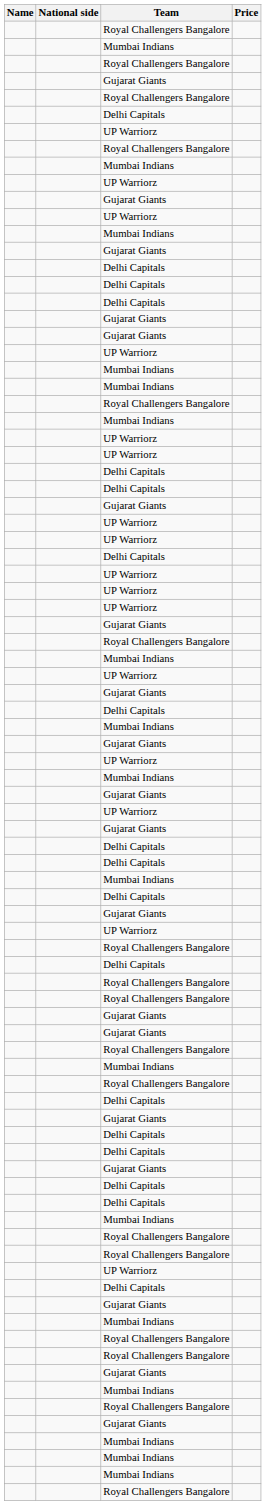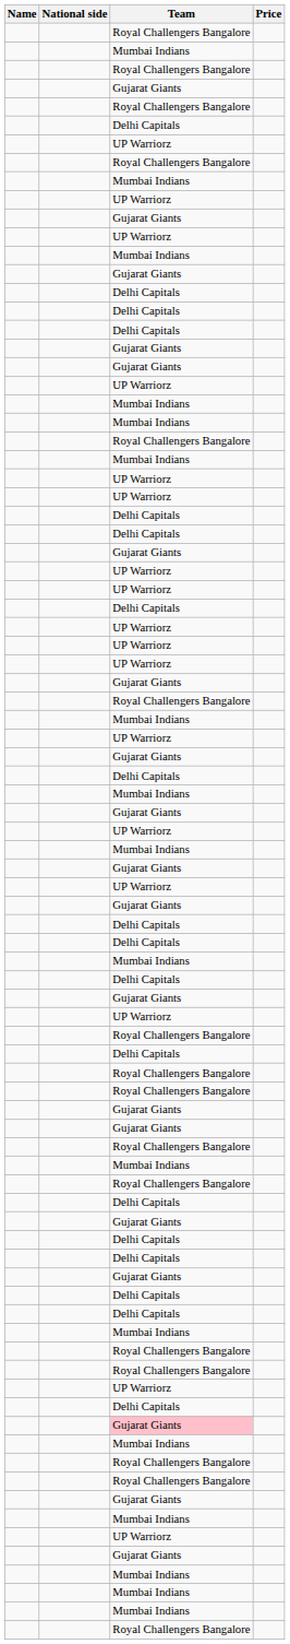 <table class="wikitable sortable">
 <tr>
 <th>Name</th>
 <th>National side</th>
 <th>Team</th>
 <th>Price</th>
 </tr>
 <tr>
 <td></td>
 <td></td>
 <td>Royal Challengers Bangalore</td>
 <td></td>
 </tr>
 <tr>
 <td></td>
 <td></td>
 <td>Mumbai Indians</td>
 <td></td>
 </tr>
 <tr>
 <td></td>
 <td></td>
 <td>Royal Challengers Bangalore</td>
 <td></td>
 </tr>
 <tr>
 <td></td>
 <td></td>
 <td>Gujarat Giants</td>
 <td></td>
 </tr>
 <tr>
 <td></td>
 <td></td>
 <td>Royal Challengers Bangalore</td>
 <td></td>
 </tr>
 <tr>
 <td></td>
 <td></td>
 <td>Delhi Capitals</td>
 <td></td>
 </tr>
 <tr>
 <td></td>
 <td></td>
 <td>UP Warriorz</td>
 <td></td>
 </tr>
 <tr>
 <td></td>
 <td></td>
 <td>Royal Challengers Bangalore</td>
 <td></td>
 </tr>
 <tr>
 <td></td>
 <td></td>
 <td>Mumbai Indians</td>
 <td></td>
 </tr>
 <tr>
 <td></td>
 <td></td>
 <td>UP Warriorz</td>
 <td></td>
 </tr>
 <tr>
 <td></td>
 <td></td>
 <td>Gujarat Giants</td>
 <td></td>
 </tr>
 <tr>
 <td></td>
 <td></td>
 <td>UP Warriorz</td>
 <td></td>
 </tr>
 <tr>
 <td></td>
 <td></td>
 <td>Mumbai Indians</td>
 <td></td>
 </tr>
 <tr>
 <td></td>
 <td></td>
 <td>Gujarat Giants</td>
 <td></td>
 </tr>
 <tr>
 <td></td>
 <td></td>
 <td>Delhi Capitals</td>
 <td></td>
 </tr>
 <tr>
 <td></td>
 <td></td>
 <td>Delhi Capitals</td>
 <td></td>
 </tr>
 <tr>
 <td></td>
 <td></td>
 <td>Delhi Capitals</td>
 <td></td>
 </tr>
 <tr>
 <td></td>
 <td></td>
 <td>Gujarat Giants</td>
 <td></td>
 </tr>
 <tr>
 <td></td>
 <td></td>
 <td>Gujarat Giants</td>
 <td></td>
 </tr>
 <tr>
 <td></td>
 <td></td>
 <td>UP Warriorz</td>
 <td></td>
 </tr>
 <tr>
 <td></td>
 <td></td>
 <td>Mumbai Indians</td>
 <td></td>
 </tr>
 <tr>
 <td></td>
 <td></td>
 <td>Mumbai Indians</td>
 <td></td>
 </tr>
 <tr>
 <td></td>
 <td></td>
 <td>Royal Challengers Bangalore</td>
 <td></td>
 </tr>
 <tr>
 <td></td>
 <td></td>
 <td>Mumbai Indians</td>
 <td></td>
 </tr>
 <tr>
 <td></td>
 <td></td>
 <td>UP Warriorz</td>
 <td></td>
 </tr>
 <tr>
 <td></td>
 <td></td>
 <td>UP Warriorz</td>
 <td></td>
 </tr>
 <tr>
 <td></td>
 <td></td>
 <td>Delhi Capitals</td>
 <td></td>
 </tr>
 <tr>
 <td></td>
 <td></td>
 <td>Delhi Capitals</td>
 <td></td>
 </tr>
 <tr>
 <td></td>
 <td></td>
 <td>Gujarat Giants</td>
 <td></td>
 </tr>
 <tr>
 <td></td>
 <td></td>
 <td>UP Warriorz</td>
 <td></td>
 </tr>
 <tr>
 <td></td>
 <td></td>
 <td>UP Warriorz</td>
 <td></td>
 </tr>
 <tr>
 <td></td>
 <td></td>
 <td>Delhi Capitals</td>
 <td></td>
 </tr>
 <tr>
 <td></td>
 <td></td>
 <td>UP Warriorz</td>
 <td></td>
 </tr>
 <tr>
 <td></td>
 <td></td>
 <td>UP Warriorz</td>
 <td></td>
 </tr>
 <tr>
 <td></td>
 <td></td>
 <td>UP Warriorz</td>
 <td></td>
 </tr>
 <tr>
 <td></td>
 <td></td>
 <td>Gujarat Giants</td>
 <td></td>
 </tr>
 <tr>
 <td></td>
 <td></td>
 <td>Royal Challengers Bangalore</td>
 <td></td>
 </tr>
 <tr>
 <td></td>
 <td></td>
 <td>Mumbai Indians</td>
 <td></td>
 </tr>
 <tr>
 <td></td>
 <td></td>
 <td>UP Warriorz</td>
 <td></td>
 </tr>
 <tr>
 <td></td>
 <td></td>
 <td>Gujarat Giants</td>
 <td></td>
 </tr>
 <tr>
 <td></td>
 <td></td>
 <td>Delhi Capitals</td>
 <td></td>
 </tr>
 <tr>
 <td></td>
 <td></td>
 <td>Mumbai Indians</td>
 <td></td>
 </tr>
 <tr>
 <td></td>
 <td></td>
 <td>Gujarat Giants</td>
 <td></td>
 </tr>
 <tr>
 <td></td>
 <td></td>
 <td>UP Warriorz</td>
 <td></td>
 </tr>
 <tr>
 <td></td>
 <td></td>
 <td>Mumbai Indians</td>
 <td></td>
 </tr>
 <tr>
 <td></td>
 <td></td>
 <td>Gujarat Giants</td>
 <td></td>
 </tr>
 <tr>
 <td></td>
 <td></td>
 <td>UP Warriorz</td>
 <td></td>
 </tr>
 <tr>
 <td></td>
 <td></td>
 <td>Gujarat Giants</td>
 <td></td>
 </tr>
 <tr>
 <td></td>
 <td></td>
 <td>Delhi Capitals</td>
 <td></td>
 </tr>
 <tr>
 <td></td>
 <td></td>
 <td>Delhi Capitals</td>
 <td></td>
 </tr>
 <tr>
 <td></td>
 <td></td>
 <td>Mumbai Indians</td>
 <td></td>
 </tr>
 <tr>
 <td></td>
 <td></td>
 <td>Delhi Capitals</td>
 <td></td>
 </tr>
 <tr>
 <td></td>
 <td></td>
 <td>Gujarat Giants</td>
 <td></td>
 </tr>
 <tr>
 <td></td>
 <td></td>
 <td>UP Warriorz</td>
 <td></td>
 </tr>
 <tr>
 <td></td>
 <td></td>
 <td>Royal Challengers Bangalore</td>
 <td></td>
 </tr>
 <tr>
 <td></td>
 <td></td>
 <td>Delhi Capitals</td>
 <td></td>
 </tr>
 <tr>
 <td></td>
 <td></td>
 <td>Royal Challengers Bangalore</td>
 <td></td>
 </tr>
 <tr>
 <td></td>
 <td></td>
 <td>Royal Challengers Bangalore</td>
 <td></td>
 </tr>
 <tr>
 <td></td>
 <td></td>
 <td>Gujarat Giants</td>
 <td></td>
 </tr>
 <tr>
 <td></td>
 <td></td>
 <td>Gujarat Giants</td>
 <td></td>
 </tr>
 <tr>
 <td></td>
 <td></td>
 <td>Royal Challengers Bangalore</td>
 <td></td>
 </tr>
 <tr>
 <td></td>
 <td></td>
 <td>Mumbai Indians</td>
 <td></td>
 </tr>
 <tr>
 <td></td>
 <td></td>
 <td>Royal Challengers Bangalore</td>
 <td></td>
 </tr>
 <tr>
 <td></td>
 <td></td>
 <td>Delhi Capitals</td>
 <td></td>
 </tr>
 <tr>
 <td></td>
 <td></td>
 <td>Gujarat Giants</td>
 <td></td>
 </tr>
 <tr>
 <td></td>
 <td></td>
 <td>Delhi Capitals</td>
 <td></td>
 </tr>
 <tr>
 <td></td>
 <td></td>
 <td>Delhi Capitals</td>
 <td></td>
 </tr>
 <tr>
 <td></td>
 <td></td>
 <td>Gujarat Giants</td>
 <td></td>
 </tr>
 <tr>
 <td></td>
 <td></td>
 <td>Delhi Capitals</td>
 <td></td>
 </tr>
 <tr>
 <td></td>
 <td></td>
 <td>Delhi Capitals</td>
 <td></td>
 </tr>
 <tr>
 <td></td>
 <td></td>
 <td>Mumbai Indians</td>
 <td></td>
 </tr>
 <tr>
 <td></td>
 <td></td>
 <td>Royal Challengers Bangalore</td>
 <td></td>
 </tr>
 <tr>
 <td></td>
 <td></td>
 <td>Royal Challengers Bangalore</td>
 <td></td>
 </tr>
 <tr>
 <td></td>
 <td></td>
 <td>UP Warriorz</td>
 <td></td>
 </tr>
 <tr>
 <td></td>
 <td></td>
 <td>Delhi Capitals</td>
 <td></td>
 </tr>
 <tr>
 <td></td>
 <td></td>
-<td>Gujarat Giants</td>
+<td style="background: pink;">Gujarat Giants</td>
 <td></td>
 </tr>
 <tr>
 <td></td>
 <td></td>
 <td>Mumbai Indians</td>
 <td></td>
 </tr>
 <tr>
 <td></td>
 <td></td>
 <td>Royal Challengers Bangalore</td>
 <td></td>
 </tr>
 <tr>
 <td></td>
 <td></td>
 <td>Royal Challengers Bangalore</td>
 <td></td>
 </tr>
 <tr>
 <td></td>
 <td></td>
 <td>Gujarat Giants</td>
 <td></td>
 </tr>
 <tr>
 <td></td>
 <td></td>
 <td>Mumbai Indians</td>
 <td></td>
 </tr>
 <tr>
 <td></td>
 <td></td>
-<td>Royal Challengers Bangalore</td>
+<td>UP Warriorz</td>
 <td></td>
 </tr>
 <tr>
 <td></td>
 <td></td>
 <td>Gujarat Giants</td>
 <td></td>
 </tr>
 <tr>
 <td></td>
 <td></td>
 <td>Mumbai Indians</td>
 <td></td>
 </tr>
 <tr>
 <td></td>
 <td></td>
 <td>Mumbai Indians</td>
 <td></td>
 </tr>
 <tr>
 <td></td>
 <td></td>
 <td>Mumbai Indians</td>
 <td></td>
 </tr>
 <tr>
 <td></td>
 <td></td>
 <td>Royal Challengers Bangalore</td>
 <td></td>
 </tr>
 </table>
